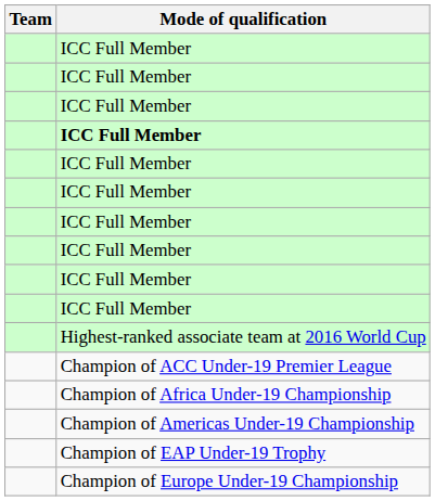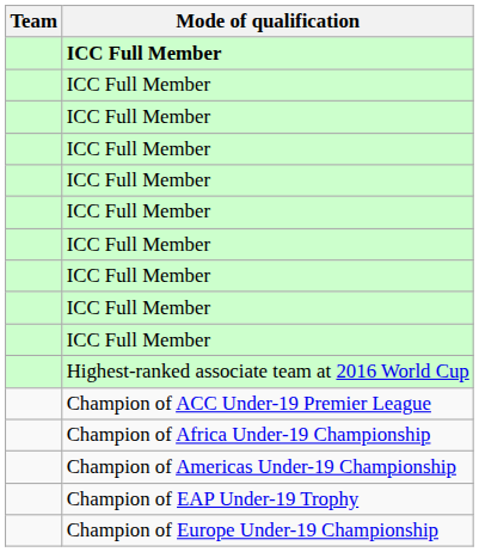 <table class="wikitable">
 <tr>
 <th>Team</th>
 <th>Mode of qualification</th>
+</tr>
+<tr style="background:#cfc;">
+<td></td>
+<td><strong>ICC Full Member</strong></td>
 </tr>
 <tr style="background:#cfc;">
 <td></td>
 <td>ICC Full Member</td>
 </tr>
 <tr style="background:#cfc;">
 <td></td>
 <td>ICC Full Member</td>
 </tr>
 <tr style="background:#cfc;">
 <td></td>
 <td>ICC Full Member</td>
-</tr>
-<tr style="background:#cfc;">
-<td></td>
-<td><strong>ICC Full Member</strong></td>
 </tr>
 <tr style="background:#cfc;">
 <td></td>
 <td>ICC Full Member</td>
 </tr>
 <tr style="background:#cfc;">
 <td></td>
 <td>ICC Full Member</td>
 </tr>
 <tr style="background:#cfc;">
 <td></td>
 <td>ICC Full Member</td>
 </tr>
 <tr style="background:#cfc;">
 <td></td>
 <td>ICC Full Member</td>
 </tr>
 <tr style="background:#cfc;">
 <td></td>
 <td>ICC Full Member</td>
 </tr>
 <tr style="background:#cfc;">
 <td></td>
 <td>ICC Full Member</td>
 </tr>
 <tr style="background:#cfc;">
 <td></td>
 <td>Highest-ranked associate team at <a href='#'>2016 World Cup</a></td>
 </tr>
 <tr style="background:#FF FA CD;">
 <td></td>
 <td>Champion of <a href='#'>ACC Under-19 Premier League</a></td>
 </tr>
 <tr style="background:#FF FA CD;">
 <td></td>
 <td>Champion of <a href='#'>Africa Under-19 Championship</a></td>
 </tr>
 <tr style="background:#FF FA CD;">
 <td></td>
 <td>Champion of <a href='#'>Americas Under-19 Championship</a></td>
 </tr>
 <tr style="background:#FF FA CD;">
 <td></td>
 <td>Champion of <a href='#'>EAP Under-19 Trophy</a></td>
 </tr>
 <tr style="background:#FF FA CD;">
 <td></td>
 <td>Champion of <a href='#'>Europe Under-19 Championship</a></td>
 </tr>
 </table>
